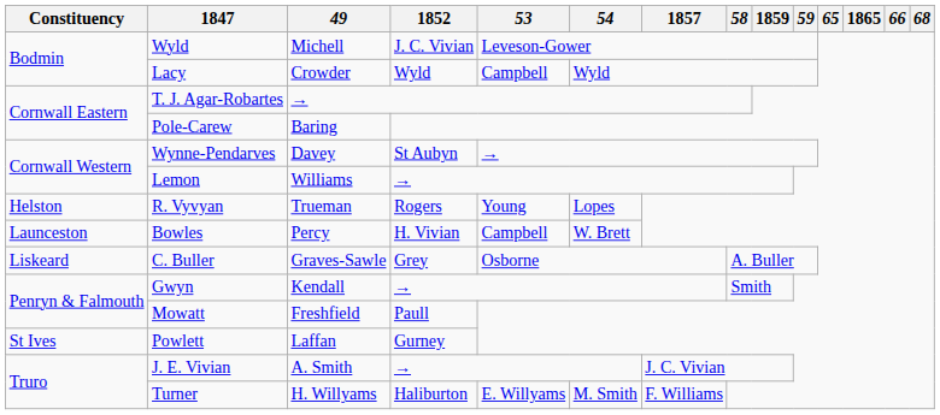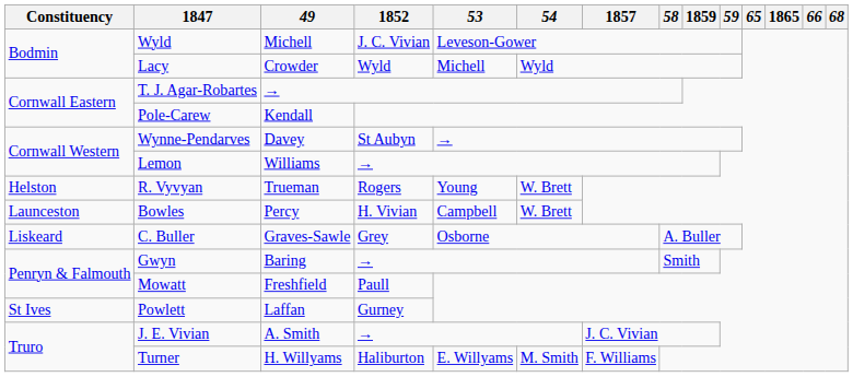 <table class="wikitable">
 <tr>
 <th>Constituency</th>
 <th>1847</th>
 <th><em>49</em></th>
 <th>1852</th>
 <th><em>53</em></th>
 <th><em>54</em></th>
 <th>1857</th>
 <th><em>58</em></th>
 <th>1859</th>
 <th><em>59</em></th>
 <th><em>65</em></th>
 <th>1865</th>
 <th><em>66</em></th>
 <th><em>68</em></th>
 </tr>
 <tr>
 <td rowspan="2"><a href='#'>Bodmin</a></td>
 <td><a href='#'>Wyld</a></td>
 <td><a href='#'>Michell</a></td>
 <td><a href='#'>J. C. Vivian</a></td>
 <td colspan="6"><a href='#'>Leveson-Gower</a></td>
 </tr>
 <tr>
 <td><a href='#'>Lacy</a></td>
 <td><a href='#'>Crowder</a></td>
 <td><a href='#'>Wyld</a></td>
-<td><a href='#'>Campbell</a></td>
+<td><a href='#'>Michell</a></td>
 <td colspan="5"><a href='#'>Wyld</a></td>
 </tr>
 <tr>
 <td rowspan="2"><a href='#'>Cornwall Eastern</a></td>
 <td><a href='#'>T. J. Agar-Robartes</a></td>
 <td colspan="6"><a href='#'>→</a></td>
 </tr>
 <tr>
 <td><a href='#'>Pole-Carew</a></td>
-<td><a href='#'>Baring</a></td>
+<td><a href='#'>Kendall</a></td>
 </tr>
 <tr>
 <td rowspan="2"><a href='#'>Cornwall Western</a></td>
 <td><a href='#'>Wynne-Pendarves</a></td>
 <td><a href='#'>Davey</a></td>
 <td><a href='#'>St Aubyn</a></td>
 <td colspan="6"><a href='#'>→</a></td>
 </tr>
 <tr>
 <td><a href='#'>Lemon</a></td>
 <td><a href='#'>Williams</a></td>
 <td colspan="6"><a href='#'>→</a></td>
 </tr>
 <tr>
 <td><a href='#'>Helston</a></td>
 <td><a href='#'>R. Vyvyan</a></td>
 <td><a href='#'>Trueman</a></td>
 <td><a href='#'>Rogers</a></td>
 <td><a href='#'>Young</a></td>
-<td><a href='#'>Lopes</a></td>
+<td><a href='#'>W. Brett</a></td>
 </tr>
 <tr>
 <td><a href='#'>Launceston</a></td>
 <td><a href='#'>Bowles</a></td>
 <td><a href='#'>Percy</a></td>
 <td><a href='#'>H. Vivian</a></td>
 <td><a href='#'>Campbell</a></td>
 <td><a href='#'>W. Brett</a></td>
 </tr>
 <tr>
 <td><a href='#'>Liskeard</a></td>
 <td><a href='#'>C. Buller</a></td>
 <td><a href='#'>Graves-Sawle</a></td>
 <td><a href='#'>Grey</a></td>
 <td colspan="3"><a href='#'>Osborne</a></td>
 <td colspan="3"><a href='#'>A. Buller</a></td>
 </tr>
 <tr>
 <td rowspan="2"><a href='#'>Penryn & Falmouth</a></td>
 <td><a href='#'>Gwyn</a></td>
-<td><a href='#'>Kendall</a></td>
+<td><a href='#'>Baring</a></td>
 <td colspan="4"><a href='#'>→</a></td>
 <td colspan="2"><a href='#'>Smith</a></td>
 </tr>
 <tr>
 <td><a href='#'>Mowatt</a></td>
 <td><a href='#'>Freshfield</a></td>
 <td><a href='#'>Paull</a></td>
 </tr>
 <tr>
 <td><a href='#'>St Ives</a></td>
 <td><a href='#'>Powlett</a></td>
 <td><a href='#'>Laffan</a></td>
 <td><a href='#'>Gurney</a></td>
 </tr>
 <tr>
 <td rowspan="2"><a href='#'>Truro</a></td>
 <td><a href='#'>J. E. Vivian</a></td>
 <td><a href='#'>A. Smith</a></td>
 <td colspan="3"><a href='#'>→</a></td>
 <td colspan="3"><a href='#'>J. C. Vivian</a></td>
 </tr>
 <tr>
 <td><a href='#'>Turner</a></td>
 <td><a href='#'>H. Willyams</a></td>
 <td><a href='#'>Haliburton</a></td>
 <td><a href='#'>E. Willyams</a></td>
 <td><a href='#'>M. Smith</a></td>
 <td><a href='#'>F. Williams</a></td>
 </tr>
 </table>
